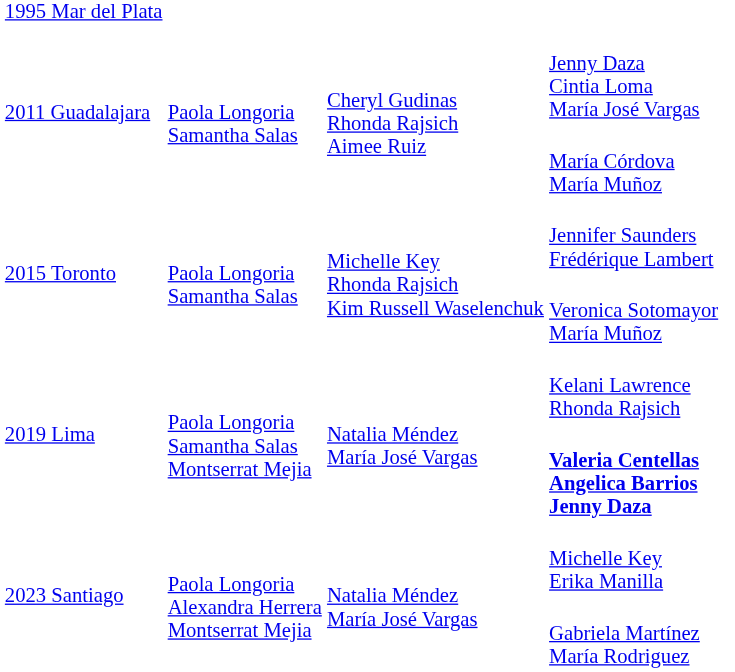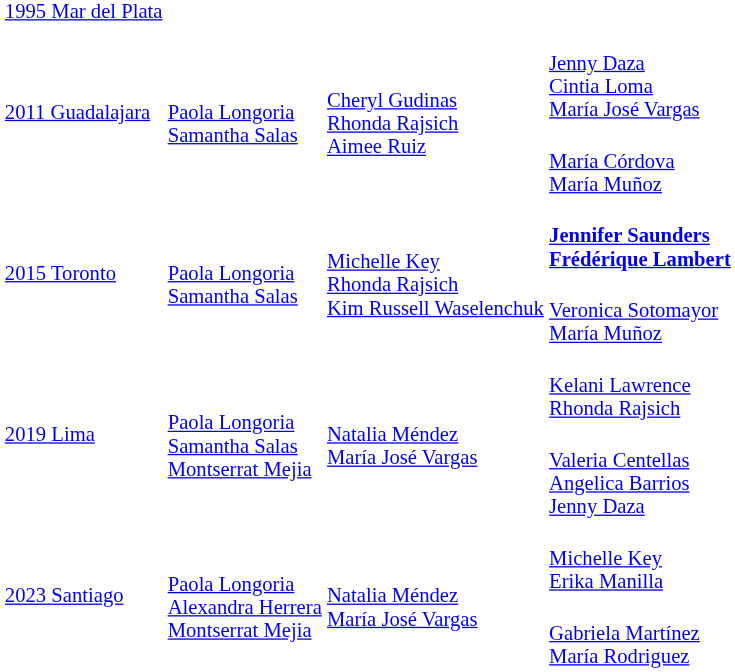 <table>
 <tr>
 <td><a href='#'>1995 Mar del Plata</a><br></td>
 <td></td>
 <td></td>
 <td></td>
 </tr>
 <tr>
 <td rowspan=2><a href='#'>2011 Guadalajara</a><br></td>
 <td rowspan=2><br><a href='#'>Paola Longoria</a><br><a href='#'>Samantha Salas</a></td>
 <td rowspan=2><br><a href='#'>Cheryl Gudinas</a><br><a href='#'>Rhonda Rajsich</a><br><a href='#'>Aimee Ruiz</a></td>
 <td><br><a href='#'>Jenny Daza</a><br><a href='#'>Cintia Loma</a><br><a href='#'>María José Vargas</a></td>
 </tr>
 <tr>
 <td><br><a href='#'>María Córdova</a><br><a href='#'>María Muñoz</a></td>
 </tr>
 <tr>
 <td rowspan=2><a href='#'>2015 Toronto</a><br></td>
 <td rowspan=2><br><a href='#'>Paola Longoria</a><br><a href='#'>Samantha Salas</a></td>
 <td rowspan=2><br><a href='#'>Michelle Key</a><br><a href='#'>Rhonda Rajsich</a><br><a href='#'>Kim Russell Waselenchuk</a></td>
-<td><br><a href='#'>Jennifer Saunders</a><br><a href='#'>Frédérique Lambert</a></td>
+<td><strong><br><a href='#'>Jennifer Saunders</a><br><a href='#'>Frédérique Lambert</a></strong></td>
 </tr>
 <tr>
 <td><br><a href='#'>Veronica Sotomayor</a><br><a href='#'>María Muñoz</a></td>
 </tr>
 <tr>
 <td rowspan=2><a href='#'>2019 Lima</a><br></td>
 <td rowspan=2><br><a href='#'>Paola Longoria</a><br><a href='#'>Samantha Salas</a><br><a href='#'>Montserrat Mejia</a></td>
 <td rowspan=2><br><a href='#'>Natalia Méndez</a><br><a href='#'>María José Vargas</a></td>
 <td><br><a href='#'>Kelani Lawrence</a><br><a href='#'>Rhonda Rajsich</a></td>
 </tr>
 <tr>
-<td><strong><br><a href='#'>Valeria Centellas</a><br><a href='#'>Angelica Barrios</a><br><a href='#'>Jenny Daza</a></strong></td>
+<td><br><a href='#'>Valeria Centellas</a><br><a href='#'>Angelica Barrios</a><br><a href='#'>Jenny Daza</a></td>
 </tr>
 <tr>
 <td rowspan=2><a href='#'>2023 Santiago</a><br></td>
 <td rowspan=2><br><a href='#'>Paola Longoria</a><br><a href='#'>Alexandra Herrera</a><br><a href='#'>Montserrat Mejia</a></td>
 <td rowspan=2><br><a href='#'>Natalia Méndez</a><br><a href='#'>María José Vargas</a></td>
 <td><br><a href='#'>Michelle Key</a><br><a href='#'>Erika Manilla</a></td>
 </tr>
 <tr>
 <td><br><a href='#'>Gabriela Martínez</a><br><a href='#'>María Rodriguez</a></td>
 </tr>
 </table>
